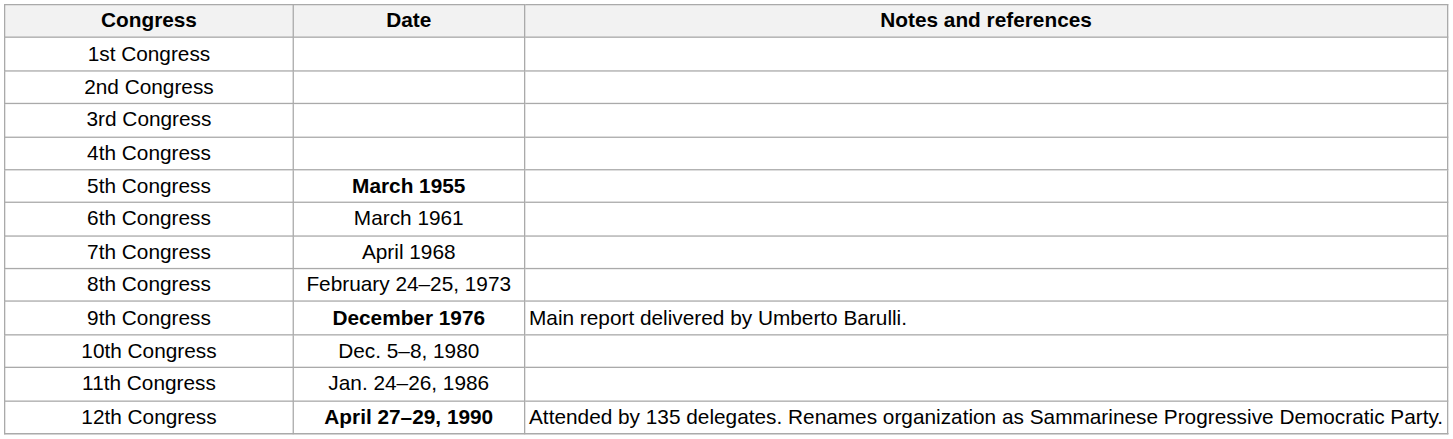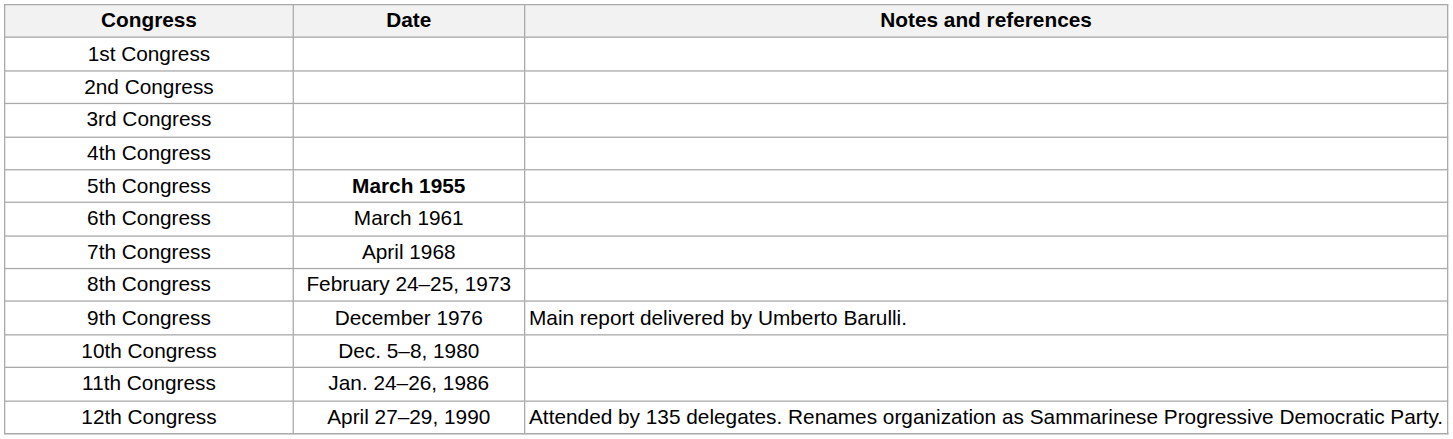 <table class="wikitable" border="1" style="Background:#ffffff">
 <tr>
 <th width=20%>Congress</th>
 <th width=16%>Date</th>
 <th>Notes and references</th>
 </tr>
 <tr>
 <td align="center">1st Congress</td>
 <td align="center"></td>
 <td></td>
 </tr>
 <tr>
 <td align="center">2nd Congress</td>
 <td align="center"></td>
 <td></td>
 </tr>
 <tr>
 <td align="center">3rd Congress</td>
 <td align="center"></td>
 <td></td>
 </tr>
 <tr>
 <td align="center">4th Congress</td>
 <td align="center"></td>
 <td></td>
 </tr>
 <tr>
 <td align="center">5th Congress</td>
 <td align="center"><strong>March 1955</strong></td>
 <td></td>
 </tr>
 <tr>
 <td align="center">6th Congress</td>
 <td align="center">March 1961</td>
 <td></td>
 </tr>
 <tr>
 <td align="center">7th Congress</td>
 <td align="center">April 1968</td>
 <td></td>
 </tr>
 <tr>
 <td align="center">8th Congress</td>
 <td align="center">February 24–25, 1973</td>
 <td></td>
 </tr>
 <tr>
 <td align="center">9th Congress</td>
-<td align="center"><strong>December 1976</strong></td>
+<td align="center">December 1976</td>
 <td>Main report delivered by Umberto Barulli.</td>
 </tr>
 <tr>
 <td align="center">10th Congress</td>
 <td align="center">Dec. 5–8, 1980</td>
 <td></td>
 </tr>
 <tr>
 <td align="center">11th Congress</td>
 <td align="center">Jan. 24–26, 1986</td>
 <td></td>
 </tr>
 <tr>
 <td align="center">12th Congress</td>
-<td align="center"><strong>April 27–29, 1990</strong></td>
+<td align="center">April 27–29, 1990</td>
 <td>Attended by 135 delegates. Renames organization as Sammarinese Progressive Democratic Party.</td>
 </tr>
 <tr>
 </tr>
 </table>
